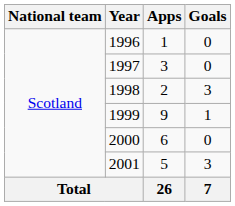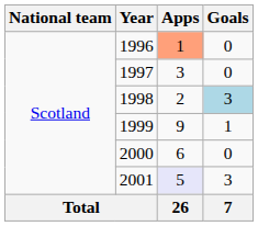 <table class="wikitable" style="text-align:center">
 <tr>
 <th>National team</th>
 <th>Year</th>
 <th>Apps</th>
 <th>Goals</th>
 </tr>
 <tr>
 <td rowspan="6"><a href='#'>Scotland</a></td>
 <td>1996</td>
-<td>1</td>
+<td style="background: lightsalmon;">1</td>
 <td>0</td>
 </tr>
 <tr>
 <td>1997</td>
 <td>3</td>
 <td>0</td>
 </tr>
 <tr>
 <td>1998</td>
 <td>2</td>
-<td>3</td>
+<td style="background: lightblue;">3</td>
 </tr>
 <tr>
 <td>1999</td>
 <td>9</td>
 <td>1</td>
 </tr>
 <tr>
 <td>2000</td>
 <td>6</td>
 <td>0</td>
 </tr>
 <tr>
 <td>2001</td>
-<td>5</td>
+<td style="background: lavender;">5</td>
 <td>3</td>
 </tr>
 <tr>
 <th colspan="2">Total</th>
 <th>26</th>
 <th>7</th>
 </tr>
 </table>
